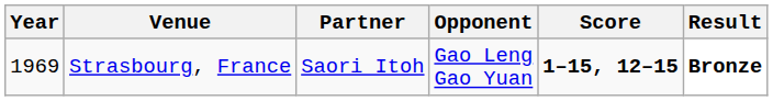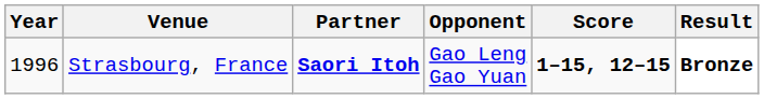 <table class="sortable wikitable" style="font-size;90%">
 <tr>
 <th>Year</th>
 <th>Venue</th>
 <th>Partner</th>
 <th>Opponent</th>
 <th>Score</th>
 <th>Result</th>
 </tr>
 <tr style="background:#">
-<td align="center">1969</td>
+<td align="center">1996</td>
 <td align="left"><a href='#'>Strasbourg</a>, <a href='#'>France</a></td>
-<td align="left"> <a href='#'>Saori Itoh</a></td>
+<td align="left"><strong> <a href='#'>Saori Itoh</a></strong></td>
 <td align="left"> <a href='#'>Gao Leng</a> <br>  <a href='#'>Gao Yuan</a></td>
 <td align="left"><strong>1–15, 12–15</strong></td>
 <td style="text-align:left; background:white"> <strong>Bronze</strong></td>
 </tr>
 </table>
